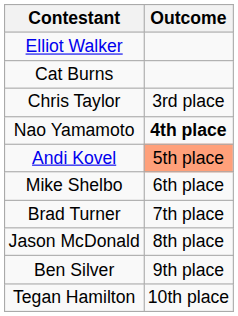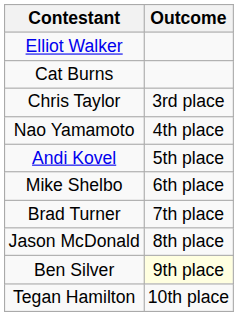 <table class="wikitable sortable" border="2" style="text-align:center;">
 <tr>
 <th>Contestant</th>
 <th>Outcome</th>
 </tr>
 <tr>
 <td><a href='#'>Elliot Walker</a></td>
 <td><strong></strong></td>
 </tr>
 <tr>
 <td>Cat Burns</td>
 <td><em></em></td>
 </tr>
 <tr>
 <td>Chris Taylor</td>
 <td>3rd place</td>
 </tr>
 <tr>
 <td>Nao Yamamoto</td>
-<td><strong>4th place</strong></td>
+<td>4th place</td>
 </tr>
 <tr>
 <td><a href='#'>Andi Kovel</a></td>
-<td style="background: lightsalmon;">5th place</td>
+<td>5th place</td>
 </tr>
 <tr>
 <td>Mike Shelbo</td>
 <td>6th place</td>
 </tr>
 <tr>
 <td>Brad Turner</td>
 <td>7th place</td>
 </tr>
 <tr>
 <td>Jason McDonald</td>
 <td>8th place</td>
 </tr>
 <tr>
 <td>Ben Silver</td>
-<td>9th place</td>
+<td style="background: lightyellow;">9th place</td>
 </tr>
 <tr>
 <td>Tegan Hamilton</td>
 <td>10th place</td>
 </tr>
 </table>
